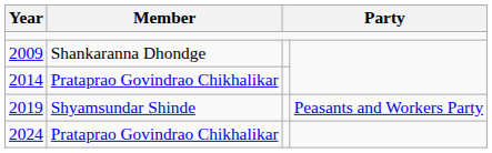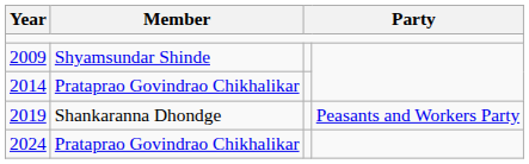 <table class="wikitable">
 <tr>
 <th>Year</th>
 <th>Member</th>
 <th colspan=2>Party</th>
 </tr>
 <tr>
 <td colspan="4"></td>
 </tr>
 <tr>
 <td><a href='#'>2009</a></td>
-<td>Shankaranna Dhondge</td>
+<td><a href='#'>Shyamsundar Shinde</a></td>
 <td></td>
 </tr>
 <tr>
 <td><a href='#'>2014</a></td>
 <td><a href='#'>Prataprao Govindrao Chikhalikar</a></td>
 <td></td>
 </tr>
 <tr>
 <td><a href='#'>2019</a></td>
-<td><a href='#'>Shyamsundar Shinde</a></td>
+<td>Shankaranna Dhondge</td>
 <td style="background-color:"></td>
 <td><a href='#'>Peasants and Workers Party</a></td>
 </tr>
 <tr>
 <td><a href='#'>2024</a></td>
 <td><a href='#'>Prataprao Govindrao Chikhalikar</a></td>
 <td></td>
 </tr>
 </table>
